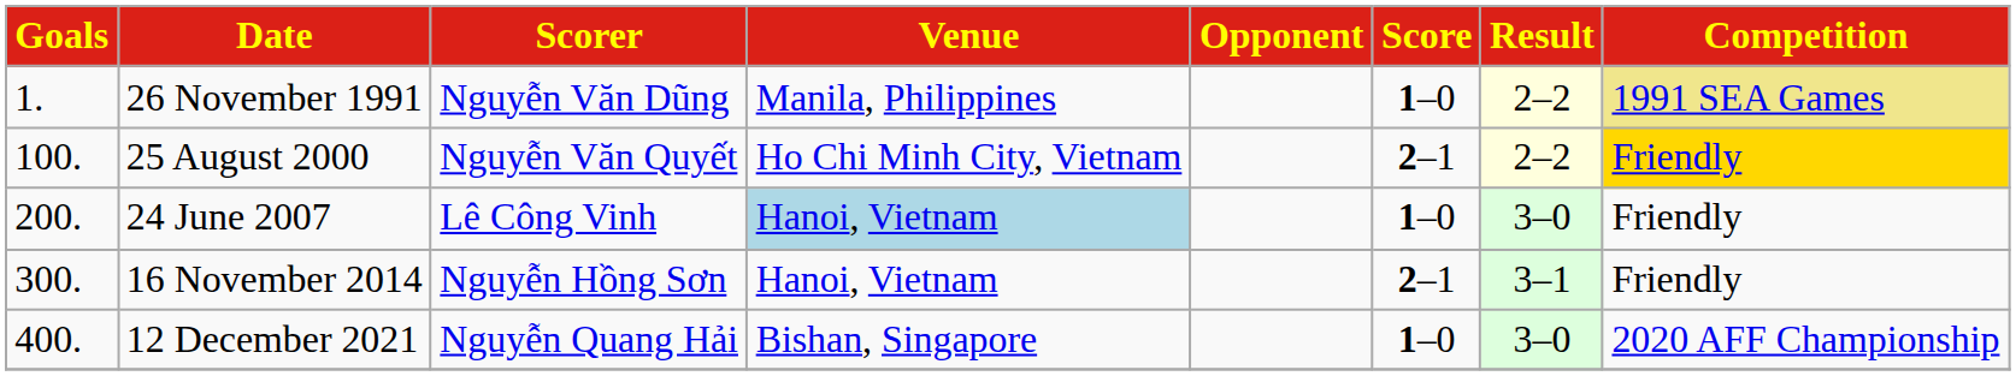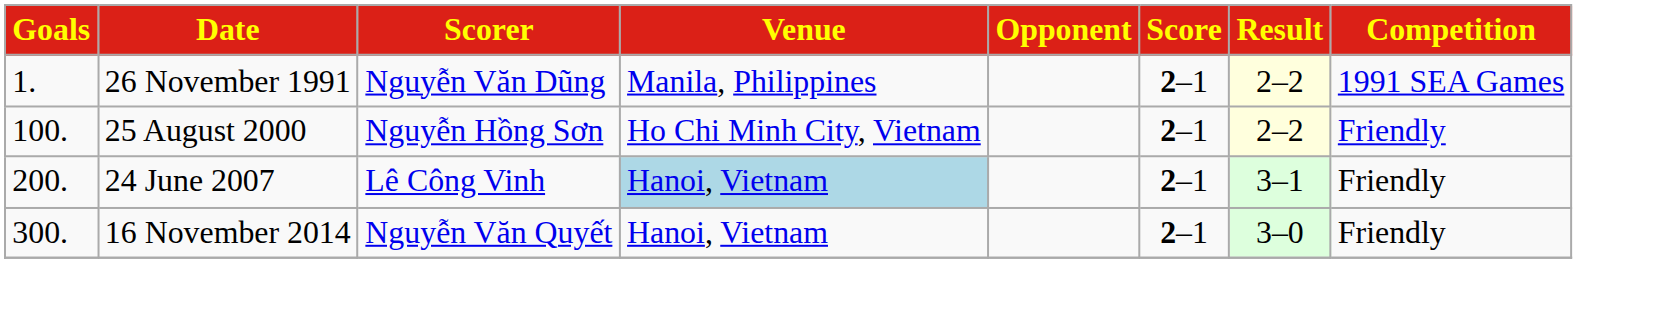 <table class="wikitable">
 <tr>
 <th style="background-color:#DB2017; color:#FFFF00">Goals</th>
 <th style="background-color:#DB2017; color:#FFFF00">Date</th>
 <th style="background-color:#DB2017; color:#FFFF00">Scorer</th>
 <th style="background-color:#DB2017; color:#FFFF00">Venue</th>
 <th style="background-color:#DB2017; color:#FFFF00">Opponent</th>
 <th style="background-color:#DB2017; color:#FFFF00">Score</th>
 <th style="background-color:#DB2017; color:#FFFF00">Result</th>
 <th style="background-color:#DB2017; color:#FFFF00">Competition</th>
 </tr>
 <tr>
 <td>1.</td>
 <td>26 November 1991</td>
 <td><a href='#'>Nguyễn Văn Dũng</a></td>
 <td> <a href='#'>Manila</a>, <a href='#'>Philippines</a></td>
 <td></td>
-<td style="text-align:center"><strong>1</strong>–0</td>
+<td style="text-align:center"><strong>2</strong>–1</td>
 <td style="text-align:center; background:#ffd;">2–2</td>
-<td style="background: khaki;"><a href='#'>1991 SEA Games</a></td>
+<td><a href='#'>1991 SEA Games</a></td>
 </tr>
 <tr>
 <td>100.</td>
 <td>25 August 2000</td>
-<td><a href='#'>Nguyễn Văn Quyết</a></td>
+<td><a href='#'>Nguyễn Hồng Sơn</a></td>
 <td> <a href='#'>Ho Chi Minh City</a>, <a href='#'>Vietnam</a></td>
 <td></td>
 <td style="text-align:center"><strong>2</strong>–1</td>
 <td style="text-align:center; background:#ffd;">2–2</td>
-<td style="background: gold;"><a href='#'>Friendly</a></td>
+<td><a href='#'>Friendly</a></td>
 </tr>
 <tr>
 <td>200.</td>
 <td>24 June 2007</td>
 <td><a href='#'>Lê Công Vinh</a></td>
 <td style="background: lightblue;"> <a href='#'>Hanoi</a>, <a href='#'>Vietnam</a></td>
 <td></td>
-<td style="text-align:center"><strong>1</strong>–0</td>
-<td style="text-align:center; background:#dfd;">3–0</td>
+<td style="text-align:center"><strong>2</strong>–1</td>
+<td style="text-align:center; background:#dfd;">3–1</td>
 <td>Friendly</td>
 </tr>
 <tr>
 <td>300.</td>
 <td>16 November 2014</td>
-<td><a href='#'>Nguyễn Hồng Sơn</a></td>
+<td><a href='#'>Nguyễn Văn Quyết</a></td>
 <td> <a href='#'>Hanoi</a>, <a href='#'>Vietnam</a></td>
 <td></td>
 <td style="text-align:center"><strong>2</strong>–1</td>
-<td style="text-align:center; background:#dfd;">3–1</td>
+<td style="text-align:center; background:#dfd;">3–0</td>
 <td>Friendly</td>
-</tr>
-<tr>
-<td>400.</td>
-<td>12 December 2021</td>
-<td><a href='#'>Nguyễn Quang Hải</a></td>
-<td> <a href='#'>Bishan</a>, <a href='#'>Singapore</a></td>
-<td></td>
-<td style="text-align:center"><strong>1</strong>–0</td>
-<td style="text-align:center; background:#dfd;">3–0</td>
-<td><a href='#'>2020 AFF Championship</a></td>
 </tr>
 <tr>
 </tr>
 </table>
